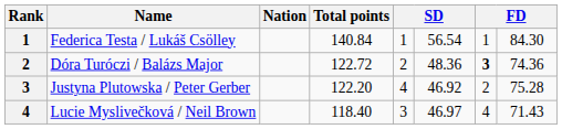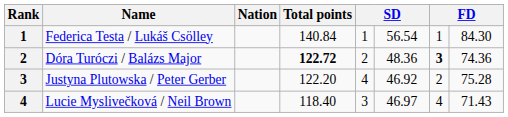 <table class="wikitable sortable">
 <tr>
 <th>Rank</th>
 <th>Name</th>
 <th>Nation</th>
 <th>Total points</th>
 <th colspan=2 width=80px><a href='#'>SD</a></th>
 <th colspan=2 width=80px><a href='#'>FD</a></th>
 </tr>
 <tr>
 <th>1</th>
 <td><a href='#'>Federica Testa</a> / <a href='#'>Lukáš Csölley</a></td>
 <td></td>
 <td align=center>140.84</td>
 <td align=center>1</td>
 <td align=center>56.54</td>
 <td align=center>1</td>
 <td align=center>84.30</td>
 </tr>
 <tr>
 <th>2</th>
 <td><a href='#'>Dóra Turóczi</a> / <a href='#'>Balázs Major</a></td>
 <td></td>
-<td align=center>122.72</td>
+<td align=center><strong>122.72</strong></td>
 <td align=center>2</td>
 <td align=center>48.36</td>
 <td align=center><strong>3</strong></td>
 <td align=center>74.36</td>
 </tr>
 <tr>
 <th>3</th>
 <td><a href='#'>Justyna Plutowska</a> / <a href='#'>Peter Gerber</a></td>
 <td></td>
 <td align=center>122.20</td>
 <td align=center>4</td>
 <td align=center>46.92</td>
 <td align=center>2</td>
 <td align=center>75.28</td>
 </tr>
 <tr>
 <th>4</th>
 <td><a href='#'>Lucie Myslivečková</a> / <a href='#'>Neil Brown</a></td>
 <td></td>
 <td align=center>118.40</td>
 <td align=center>3</td>
 <td align=center>46.97</td>
 <td align=center>4</td>
 <td align=center>71.43</td>
 </tr>
 </table>
